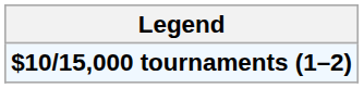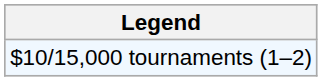 <table class="wikitable" style="font-size:85%">
 <tr>
 <th>Legend</th>
 </tr>
 <tr style="background:#f0f8ff;">
-<td><strong>$10/15,000 tournaments (1–2)</strong></td>
+<td>$10/15,000 tournaments (1–2)</td>
 </tr>
 </table>
